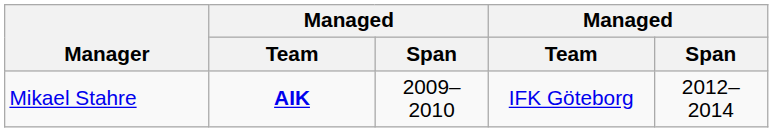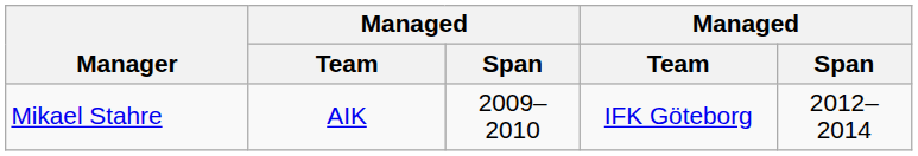 <table class="wikitable" style="text-align: center">
 <tr>
 <th rowspan="2" valign="bottom" width="150">Manager</th>
 <th colspan="2">Managed</th>
 <th colspan="2">Managed</th>
 </tr>
 <tr>
 <th width="120">Team</th>
 <th width="80">Span</th>
 <th width="120">Team</th>
 <th width="80">Span</th>
 </tr>
 <tr>
 <td align="left"><a href='#'>Mikael Stahre</a></td>
-<td><strong><a href='#'>AIK</a></strong></td>
+<td><a href='#'>AIK</a></td>
 <td>2009–2010</td>
 <td><a href='#'>IFK Göteborg</a></td>
 <td>2012–2014</td>
 </tr>
 </table>
